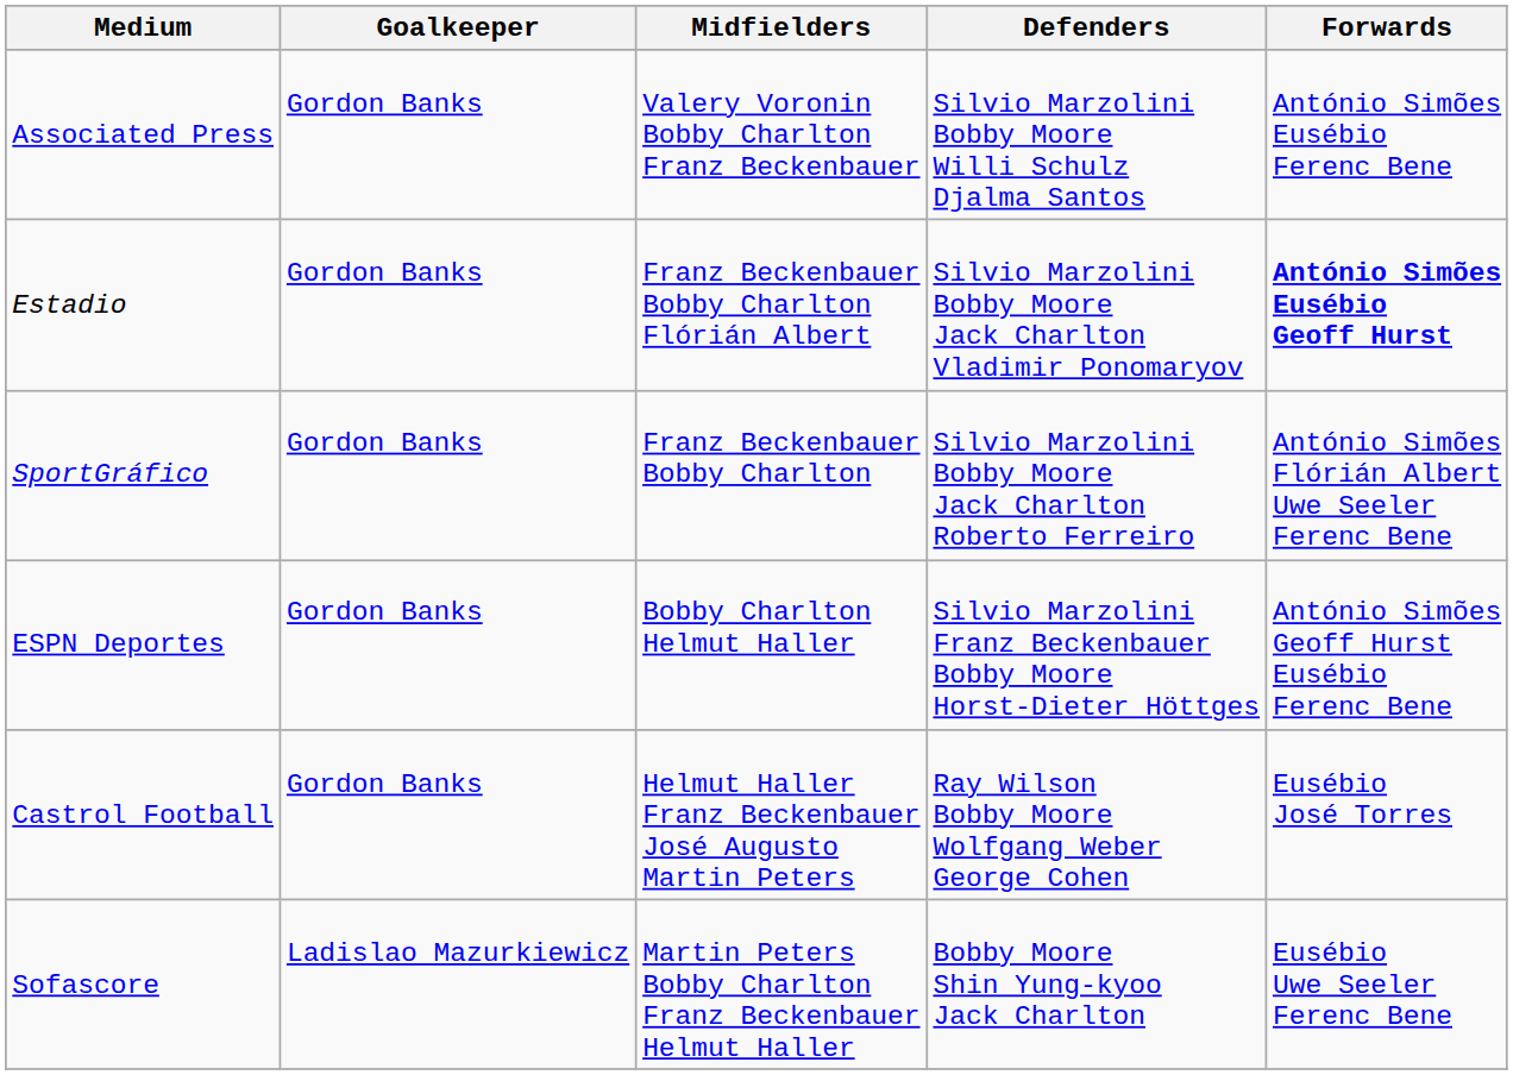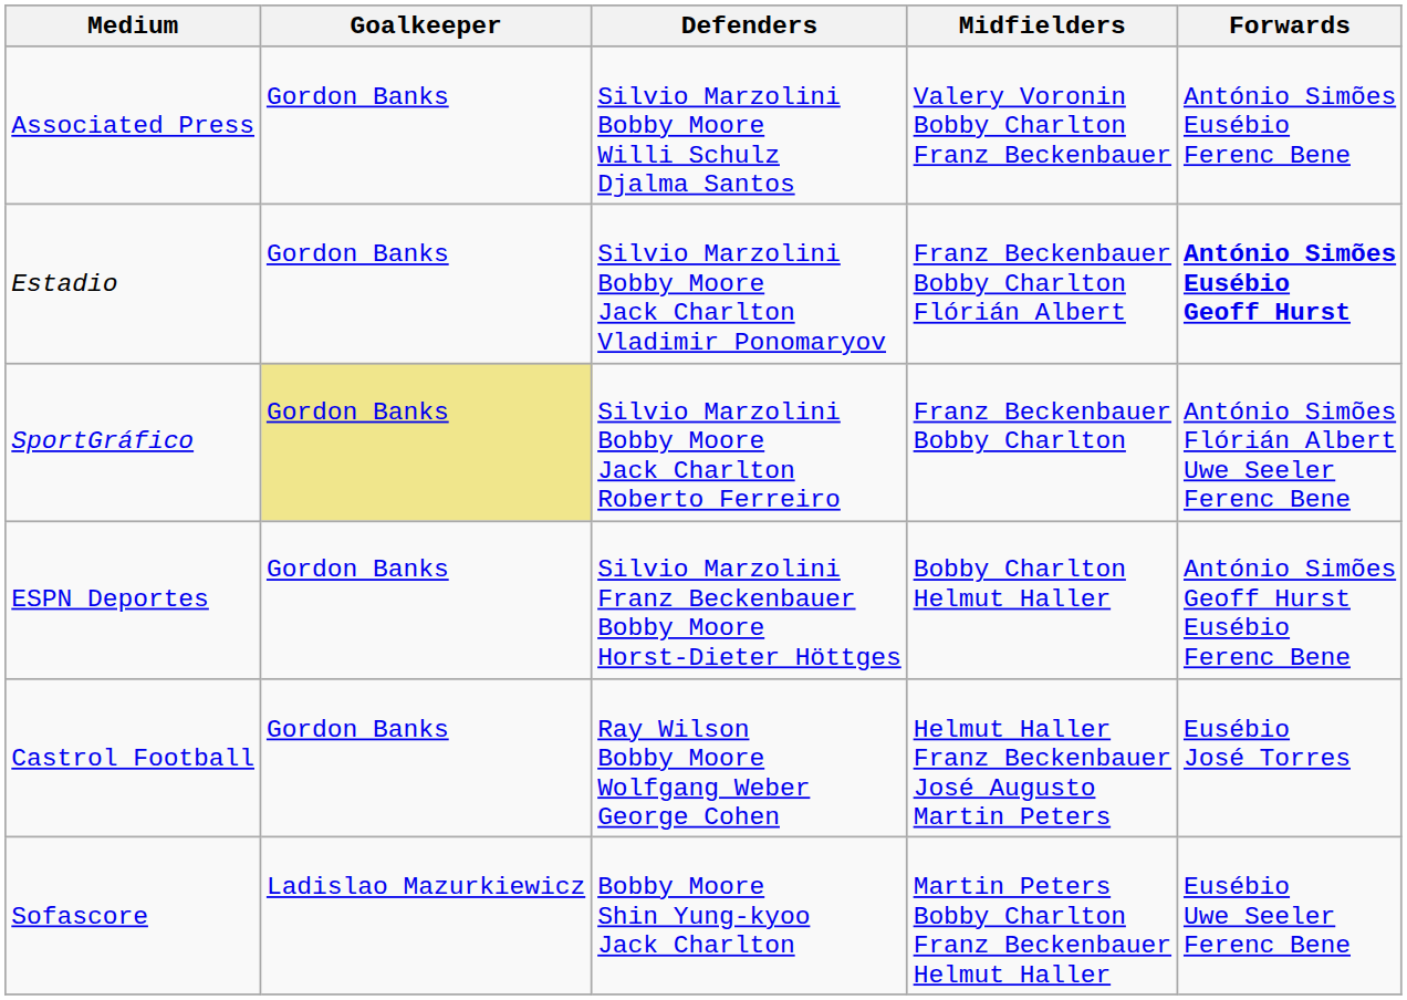 <table class="wikitable">
 <tr>
 <th>Medium</th>
 <th>Goalkeeper</th>
+<th>Defenders</th>
 <th>Midfielders</th>
-<th>Defenders</th>
 <th>Forwards</th>
 </tr>
 <tr>
 <td><a href='#'>Associated Press</a></td>
 <td valign="top"><br> <a href='#'>Gordon Banks</a></td>
+<td valign="top"><br> <a href='#'>Silvio Marzolini</a><br>  <a href='#'>Bobby Moore</a><br>  <a href='#'>Willi Schulz</a><br>  <a href='#'>Djalma Santos</a></td>
 <td valign="top"><br> <a href='#'>Valery Voronin</a><br>  <a href='#'>Bobby Charlton</a><br>  <a href='#'>Franz Beckenbauer</a></td>
-<td valign="top"><br> <a href='#'>Silvio Marzolini</a><br>  <a href='#'>Bobby Moore</a><br>  <a href='#'>Willi Schulz</a><br>  <a href='#'>Djalma Santos</a></td>
 <td valign="top"><br> <a href='#'>António Simões</a><br>  <a href='#'>Eusébio</a><br>  <a href='#'>Ferenc Bene</a></td>
 </tr>
 <tr>
 <td><em>Estadio</em></td>
 <td valign="top"><br> <a href='#'>Gordon Banks</a></td>
+<td valign="top"><br> <a href='#'>Silvio Marzolini</a><br>  <a href='#'>Bobby Moore</a><br>  <a href='#'>Jack Charlton</a><br>  <a href='#'>Vladimir Ponomaryov</a></td>
 <td valign="top"><br> <a href='#'>Franz Beckenbauer</a><br>  <a href='#'>Bobby Charlton</a><br>  <a href='#'>Flórián Albert</a></td>
-<td valign="top"><br> <a href='#'>Silvio Marzolini</a><br>  <a href='#'>Bobby Moore</a><br>  <a href='#'>Jack Charlton</a><br>  <a href='#'>Vladimir Ponomaryov</a></td>
 <td valign="top"><strong><br> <a href='#'>António Simões</a><br>  <a href='#'>Eusébio</a><br>  <a href='#'>Geoff Hurst</a></strong></td>
 </tr>
 <tr>
 <td><em><a href='#'>SportGráfico</a></em></td>
-<td valign="top"><br> <a href='#'>Gordon Banks</a></td>
+<td valign="top" style="background: khaki;"><br> <a href='#'>Gordon Banks</a></td>
+<td valign="top"><br> <a href='#'>Silvio Marzolini</a><br>  <a href='#'>Bobby Moore</a><br>  <a href='#'>Jack Charlton</a><br>  <a href='#'>Roberto Ferreiro</a></td>
 <td valign="top"><br> <a href='#'>Franz Beckenbauer</a><br>  <a href='#'>Bobby Charlton</a></td>
-<td valign="top"><br> <a href='#'>Silvio Marzolini</a><br>  <a href='#'>Bobby Moore</a><br>  <a href='#'>Jack Charlton</a><br>  <a href='#'>Roberto Ferreiro</a></td>
 <td valign="top"><br> <a href='#'>António Simões</a><br>  <a href='#'>Flórián Albert</a><br>  <a href='#'>Uwe Seeler</a><br>  <a href='#'>Ferenc Bene</a></td>
 </tr>
 <tr>
 <td><a href='#'>ESPN Deportes</a></td>
 <td valign="top"><br> <a href='#'>Gordon Banks</a></td>
+<td valign="top"><br> <a href='#'>Silvio Marzolini</a><br>  <a href='#'>Franz Beckenbauer</a><br>  <a href='#'>Bobby Moore</a><br>  <a href='#'>Horst-Dieter Höttges</a></td>
 <td valign="top"><br> <a href='#'>Bobby Charlton</a><br>  <a href='#'>Helmut Haller</a></td>
-<td valign="top"><br> <a href='#'>Silvio Marzolini</a><br>  <a href='#'>Franz Beckenbauer</a><br>  <a href='#'>Bobby Moore</a><br>  <a href='#'>Horst-Dieter Höttges</a></td>
 <td valign="top"><br> <a href='#'>António Simões</a><br>  <a href='#'>Geoff Hurst</a><br>  <a href='#'>Eusébio</a><br>  <a href='#'>Ferenc Bene</a></td>
 </tr>
 <tr>
 <td><a href='#'>Castrol Football</a></td>
 <td valign="top"><br> <a href='#'>Gordon Banks</a></td>
+<td valign="top"><br> <a href='#'>Ray Wilson</a><br>  <a href='#'>Bobby Moore</a><br>  <a href='#'>Wolfgang Weber</a><br>  <a href='#'>George Cohen</a></td>
 <td valign="top"><br> <a href='#'>Helmut Haller</a><br>  <a href='#'>Franz Beckenbauer</a><br>  <a href='#'>José Augusto</a><br>  <a href='#'>Martin Peters</a></td>
-<td valign="top"><br> <a href='#'>Ray Wilson</a><br>  <a href='#'>Bobby Moore</a><br>  <a href='#'>Wolfgang Weber</a><br>  <a href='#'>George Cohen</a></td>
 <td valign="top"><br> <a href='#'>Eusébio</a><br>  <a href='#'>José Torres</a></td>
 </tr>
 <tr>
 <td><a href='#'>Sofascore</a></td>
 <td valign="top"><br> <a href='#'>Ladislao Mazurkiewicz</a></td>
+<td valign="top"><br> <a href='#'>Bobby Moore</a><br>  <a href='#'>Shin Yung-kyoo</a><br>  <a href='#'>Jack Charlton</a></td>
 <td valign="top"><br> <a href='#'>Martin Peters</a><br>  <a href='#'>Bobby Charlton</a><br>  <a href='#'>Franz Beckenbauer</a><br>  <a href='#'>Helmut Haller</a></td>
-<td valign="top"><br> <a href='#'>Bobby Moore</a><br>  <a href='#'>Shin Yung-kyoo</a><br>  <a href='#'>Jack Charlton</a></td>
 <td valign="top"><br> <a href='#'>Eusébio</a><br>  <a href='#'>Uwe Seeler</a><br>  <a href='#'>Ferenc Bene</a></td>
 </tr>
 </table>
